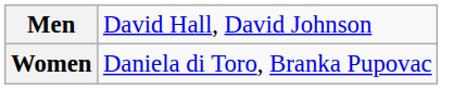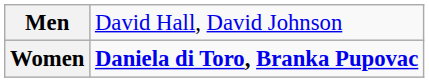 <table class="wikitable">
 <tr>
 <th>Men</th>
 <td><a href='#'>David Hall</a>, <a href='#'>David Johnson</a></td>
 </tr>
 <tr>
 <th>Women</th>
-<td><a href='#'>Daniela di Toro</a>, <a href='#'>Branka Pupovac</a></td>
+<td><strong><a href='#'>Daniela di Toro</a>, <a href='#'>Branka Pupovac</a></strong></td>
 </tr>
 </table>
